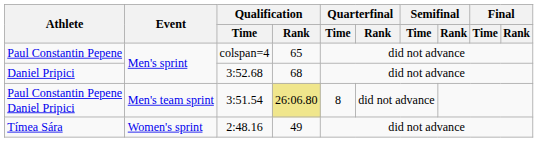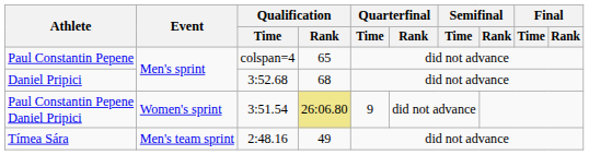 <table class="wikitable" style="font-size:90%">
 <tr>
 <th rowspan="2">Athlete</th>
 <th rowspan="2">Event</th>
 <th colspan="2">Qualification</th>
 <th colspan="2">Quarterfinal</th>
 <th colspan="2">Semifinal</th>
 <th colspan="2">Final</th>
 </tr>
 <tr style="font-size:95%">
 <th>Time</th>
 <th>Rank</th>
 <th>Time</th>
 <th>Rank</th>
 <th>Time</th>
 <th>Rank</th>
 <th>Time</th>
 <th>Rank</th>
 </tr>
 <tr align=center>
 <td align=left><a href='#'>Paul Constantin Pepene</a></td>
 <td align=left rowspan=2><a href='#'>Men's sprint</a></td>
 <td>colspan=4 </td>
 <td>65</td>
 <td colspan=6>did not advance</td>
 </tr>
 <tr align=center>
 <td align=left><a href='#'>Daniel Pripici</a></td>
 <td>3:52.68</td>
 <td>68</td>
 <td colspan=6>did not advance</td>
 </tr>
 <tr align=center>
 <td align=left><a href='#'>Paul Constantin Pepene</a><br><a href='#'>Daniel Pripici</a></td>
-<td align=left><a href='#'>Men's team sprint</a></td>
+<td align=left><a href='#'>Women's sprint</a></td>
 <td>3:51.54</td>
 <td style="background: khaki;">26:06.80</td>
-<td>8</td>
+<td>9</td>
 <td colspan=2>did not advance</td>
 </tr>
 <tr align=center>
 <td align=left><a href='#'>Tímea Sára</a></td>
-<td align=left><a href='#'>Women's sprint</a></td>
+<td align=left><a href='#'>Men's team sprint</a></td>
 <td>2:48.16</td>
 <td>49</td>
 <td colspan=6>did not advance</td>
 </tr>
 </table>
